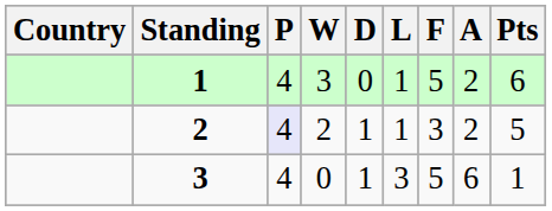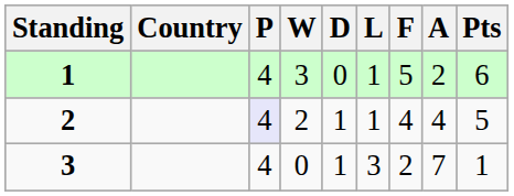 <table class="wikitable" style="text-align: center">
 <tr>
+<th scope="col">Standing</th>
 <th scope="col">Country</th>
-<th scope="col">Standing</th>
 <th scope="col">P</th>
 <th scope="col">W</th>
 <th scope="col">D</th>
 <th scope="col">L</th>
 <th scope="col">F</th>
 <th scope="col">A</th>
 <th scope="col">Pts</th>
 </tr>
 <tr style="background:#ccffcc;">
+<td><strong>1</strong></td>
 <td style="text-align: left"><strong></strong></td>
-<td><strong>1</strong></td>
 <td>4</td>
 <td>3</td>
 <td>0</td>
 <td>1</td>
 <td>5</td>
 <td>2</td>
 <td>6</td>
 </tr>
 <tr>
+<td><strong>2</strong></td>
 <td style="text-align: left"></td>
-<td><strong>2</strong></td>
 <td style="background: lavender;">4</td>
 <td>2</td>
 <td>1</td>
 <td>1</td>
-<td>3</td>
-<td>2</td>
+<td>4</td>
+<td>4</td>
 <td>5</td>
 </tr>
 <tr>
+<td><strong>3</strong></td>
 <td style="text-align: left"></td>
-<td><strong>3</strong></td>
 <td>4</td>
 <td>0</td>
 <td>1</td>
 <td>3</td>
-<td>5</td>
-<td>6</td>
+<td>2</td>
+<td>7</td>
 <td>1</td>
 </tr>
 </table>
